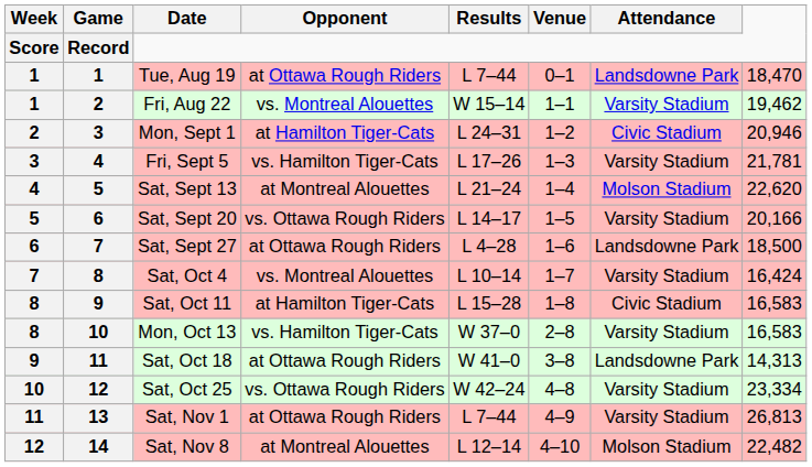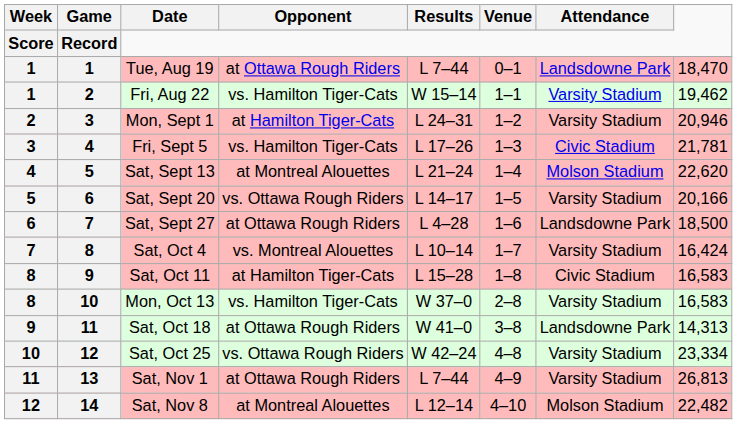 <table class="wikitable" style="text-align:center">
 <tr>
 <th>Week</th>
 <th>Game</th>
 <th>Date</th>
 <th>Opponent</th>
 <th>Results</th>
 <th>Venue</th>
 <th>Attendance</th>
 </tr>
 <tr>
 <th>Score</th>
 <th>Record</th>
 </tr>
 <tr style="background:#ffbbbb">
 <th>1</th>
 <th>1</th>
 <td>Tue, Aug 19</td>
 <td>at <a href='#'>Ottawa Rough Riders</a></td>
 <td>L 7–44</td>
 <td>0–1</td>
 <td><a href='#'>Landsdowne Park</a></td>
 <td>18,470</td>
 </tr>
 <tr style="background:#ddffdd">
 <th>1</th>
 <th>2</th>
 <td>Fri, Aug 22</td>
-<td>vs. <a href='#'>Montreal Alouettes</a></td>
+<td>vs. Hamilton Tiger-Cats</td>
 <td>W 15–14</td>
 <td>1–1</td>
 <td><a href='#'>Varsity Stadium</a></td>
 <td>19,462</td>
 </tr>
 <tr style="background:#ffbbbb">
 <th>2</th>
 <th>3</th>
 <td>Mon, Sept 1</td>
 <td>at <a href='#'>Hamilton Tiger-Cats</a></td>
 <td>L 24–31</td>
 <td>1–2</td>
-<td><a href='#'>Civic Stadium</a></td>
+<td>Varsity Stadium</td>
 <td>20,946</td>
 </tr>
 <tr style="background:#ffbbbb">
 <th>3</th>
 <th>4</th>
 <td>Fri, Sept 5</td>
 <td>vs. Hamilton Tiger-Cats</td>
 <td>L 17–26</td>
 <td>1–3</td>
-<td>Varsity Stadium</td>
+<td><a href='#'>Civic Stadium</a></td>
 <td>21,781</td>
 </tr>
 <tr style="background:#ffbbbb">
 <th>4</th>
 <th>5</th>
 <td>Sat, Sept 13</td>
 <td>at Montreal Alouettes</td>
 <td>L 21–24</td>
 <td>1–4</td>
 <td><a href='#'>Molson Stadium</a></td>
 <td>22,620</td>
 </tr>
 <tr style="background:#ffbbbb">
 <th>5</th>
 <th>6</th>
 <td>Sat, Sept 20</td>
 <td>vs. Ottawa Rough Riders</td>
 <td>L 14–17</td>
 <td>1–5</td>
 <td>Varsity Stadium</td>
 <td>20,166</td>
 </tr>
 <tr style="background:#ffbbbb">
 <th>6</th>
 <th>7</th>
 <td>Sat, Sept 27</td>
 <td>at Ottawa Rough Riders</td>
 <td>L 4–28</td>
 <td>1–6</td>
 <td>Landsdowne Park</td>
 <td>18,500</td>
 </tr>
 <tr style="background:#ffbbbb">
 <th>7</th>
 <th>8</th>
 <td>Sat, Oct 4</td>
 <td>vs. Montreal Alouettes</td>
 <td>L 10–14</td>
 <td>1–7</td>
 <td>Varsity Stadium</td>
 <td>16,424</td>
 </tr>
 <tr style="background:#ffbbbb">
 <th>8</th>
 <th>9</th>
 <td>Sat, Oct 11</td>
 <td>at Hamilton Tiger-Cats</td>
 <td>L 15–28</td>
 <td>1–8</td>
 <td>Civic Stadium</td>
 <td>16,583</td>
 </tr>
 <tr style="background:#ddffdd">
 <th>8</th>
 <th>10</th>
 <td>Mon, Oct 13</td>
 <td>vs. Hamilton Tiger-Cats</td>
 <td>W 37–0</td>
 <td>2–8</td>
 <td>Varsity Stadium</td>
 <td>16,583</td>
 </tr>
 <tr style="background:#ddffdd">
 <th>9</th>
 <th>11</th>
 <td>Sat, Oct 18</td>
 <td>at Ottawa Rough Riders</td>
 <td>W 41–0</td>
 <td>3–8</td>
 <td>Landsdowne Park</td>
 <td>14,313</td>
 </tr>
 <tr style="background:#ddffdd">
 <th>10</th>
 <th>12</th>
 <td>Sat, Oct 25</td>
 <td>vs. Ottawa Rough Riders</td>
 <td>W 42–24</td>
 <td>4–8</td>
 <td>Varsity Stadium</td>
 <td>23,334</td>
 </tr>
 <tr style="background:#ffbbbb">
 <th>11</th>
 <th>13</th>
 <td>Sat, Nov 1</td>
 <td>at Ottawa Rough Riders</td>
 <td>L 7–44</td>
 <td>4–9</td>
 <td>Varsity Stadium</td>
 <td>26,813</td>
 </tr>
 <tr style="background:#ffbbbb">
 <th>12</th>
 <th>14</th>
 <td>Sat, Nov 8</td>
 <td>at Montreal Alouettes</td>
 <td>L 12–14</td>
 <td>4–10</td>
 <td>Molson Stadium</td>
 <td>22,482</td>
 </tr>
 </table>
